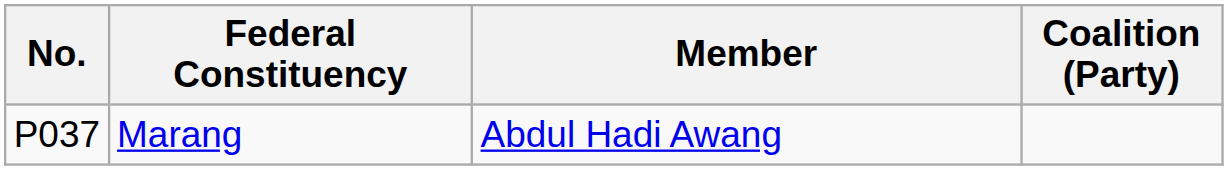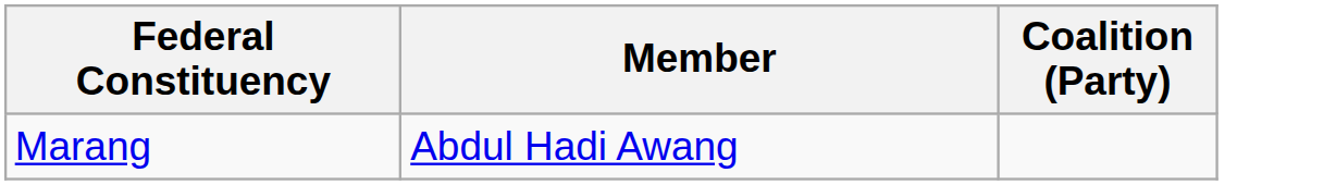 <table class="wikitable">
 <tr>
-<th width="30">No.</th>
 <th width="150">Federal Constituency</th>
 <th width="230">Member</th>
 <th width="80">Coalition (Party)</th>
 </tr>
 <tr>
-<td>P037</td>
 <td><a href='#'>Marang</a></td>
 <td><a href='#'>Abdul Hadi Awang</a></td>
 <td></td>
 </tr>
 </table>
